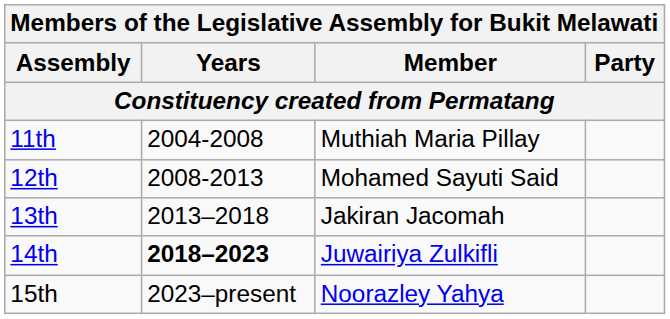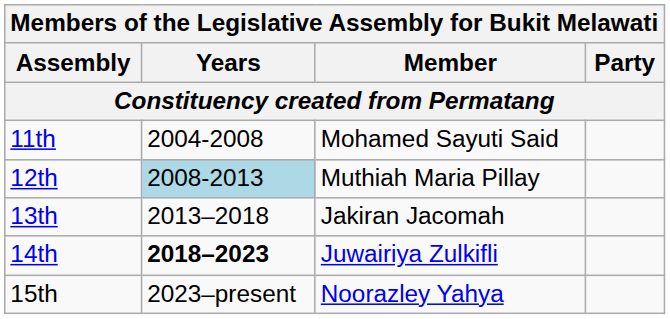 <table class=wikitable>
 <tr>
 <th colspan=4>Members of the Legislative Assembly for Bukit Melawati</th>
 </tr>
 <tr>
 <th>Assembly</th>
 <th>Years</th>
 <th>Member</th>
 <th>Party</th>
 </tr>
 <tr>
 <th colspan=4 align=center><em>Constituency created from Permatang</em></th>
 </tr>
 <tr>
 <td><a href='#'>11th</a></td>
 <td>2004-2008</td>
-<td>Muthiah Maria Pillay</td>
+<td>Mohamed Sayuti Said</td>
 <td></td>
 </tr>
 <tr>
 <td><a href='#'>12th</a></td>
-<td>2008-2013</td>
-<td>Mohamed Sayuti Said</td>
+<td style="background: lightblue;">2008-2013</td>
+<td>Muthiah Maria Pillay</td>
 <td></td>
 </tr>
 <tr>
 <td><a href='#'>13th</a></td>
 <td>2013–2018</td>
 <td>Jakiran Jacomah</td>
 <td></td>
 </tr>
 <tr>
 <td><a href='#'>14th</a></td>
 <td><strong>2018–2023</strong></td>
 <td><a href='#'>Juwairiya Zulkifli</a></td>
 <td></td>
 </tr>
 <tr>
 <td>15th</td>
 <td>2023–present</td>
 <td><a href='#'>Noorazley Yahya</a></td>
 <td></td>
 </tr>
 </table>
